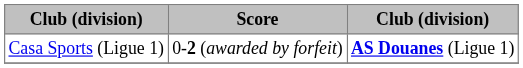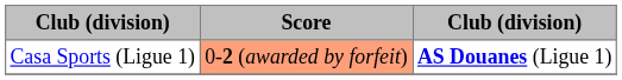 <table align="center" cellpadding="3" cellspacing="0" border="1" style="font-size: 95%; border: gray solid 1px; border-collapse: collapse; text-align: center;">
 <tr bgcolor="#CCCCCC" style="background-color: silver;">
 <th>Club (division)</th>
 <th>Score</th>
 <th>Club (division)</th>
 </tr>
 <tr>
 <td><a href='#'>Casa Sports</a> (Ligue 1)</td>
-<td>0-<strong>2</strong> (<em>awarded by forfeit</em>)</td>
+<td style="background: lightsalmon;">0-<strong>2</strong> (<em>awarded by forfeit</em>)</td>
 <td><strong><a href='#'>AS Douanes</a></strong> (Ligue 1)</td>
 </tr>
 <tr>
 </tr>
 </table>
